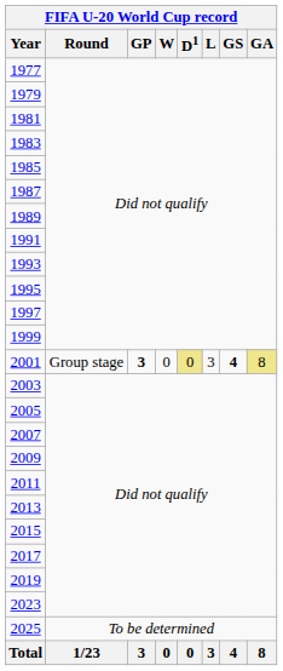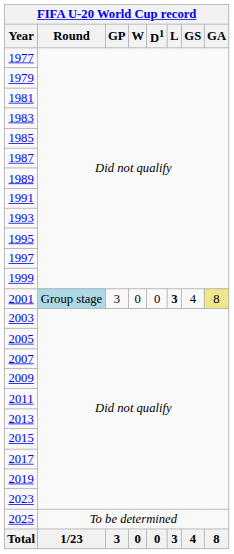 <table class="wikitable" style="text-align: center;">
 <tr>
 <th colspan=8><a href='#'>FIFA U-20 World Cup record</a></th>
 </tr>
 <tr>
 <th>Year</th>
 <th>Round</th>
 <th>GP</th>
 <th>W</th>
 <th>D<sup>1</sup></th>
 <th>L</th>
 <th>GS</th>
 <th>GA</th>
 </tr>
 <tr>
 <td> <a href='#'>1977</a></td>
 <td colspan=7 rowspan=12><em>Did not qualify</em></td>
 </tr>
 <tr>
 <td> <a href='#'>1979</a></td>
 </tr>
 <tr>
 <td> <a href='#'>1981</a></td>
 </tr>
 <tr>
 <td> <a href='#'>1983</a></td>
 </tr>
 <tr>
 <td> <a href='#'>1985</a></td>
 </tr>
 <tr>
 <td> <a href='#'>1987</a></td>
 </tr>
 <tr>
 <td> <a href='#'>1989</a></td>
 </tr>
 <tr>
 <td> <a href='#'>1991</a></td>
 </tr>
 <tr>
 <td> <a href='#'>1993</a></td>
 </tr>
 <tr>
 <td> <a href='#'>1995</a></td>
 </tr>
 <tr>
 <td> <a href='#'>1997</a></td>
 </tr>
 <tr>
 <td> <a href='#'>1999</a></td>
 </tr>
 <tr>
 <td> <a href='#'>2001</a></td>
-<td>Group stage</td>
+<td style="background: lightblue;">Group stage</td>
+<td>3</td>
+<td>0</td>
+<td>0</td>
 <td><strong>3</strong></td>
-<td>0</td>
-<td style="background: khaki;">0</td>
-<td>3</td>
-<td><strong>4</strong></td>
+<td>4</td>
 <td style="background: khaki;">8</td>
 </tr>
 <tr>
 <td> <a href='#'>2003</a></td>
 <td colspan=7 rowspan=10><em>Did not qualify</em></td>
 </tr>
 <tr>
 <td> <a href='#'>2005</a></td>
 </tr>
 <tr>
 <td> <a href='#'>2007</a></td>
 </tr>
 <tr>
 <td> <a href='#'>2009</a></td>
 </tr>
 <tr>
 <td> <a href='#'>2011</a></td>
 </tr>
 <tr>
 <td> <a href='#'>2013</a></td>
 </tr>
 <tr>
 <td> <a href='#'>2015</a></td>
 </tr>
 <tr>
 <td> <a href='#'>2017</a></td>
 </tr>
 <tr>
 <td> <a href='#'>2019</a></td>
 </tr>
 <tr>
 <td> <a href='#'>2023</a></td>
 </tr>
 <tr>
 <td> <a href='#'>2025</a></td>
 <td colspan="7"><em>To be determined</em></td>
 </tr>
 <tr>
 <th><strong>Total</strong></th>
 <th>1/23</th>
 <th>3</th>
 <th>0</th>
 <th>0</th>
 <th>3</th>
 <th>4</th>
 <th>8</th>
 </tr>
 </table>
